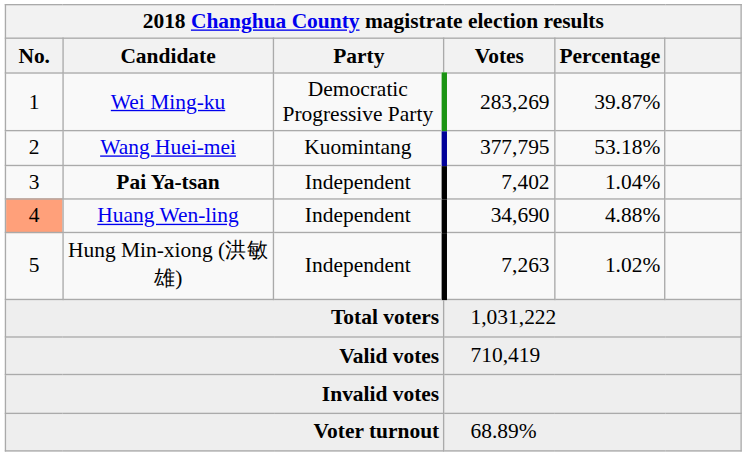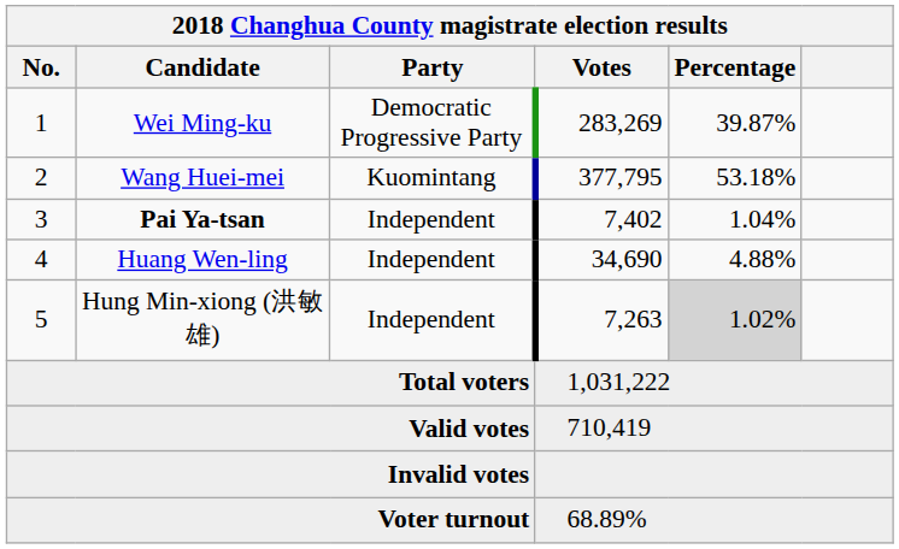 <table class="wikitable collapsible" style="margin:1em auto; text-align:center">
 <tr>
 <th colspan="6">2018 <a href='#'>Changhua County</a> magistrate election results</th>
 </tr>
 <tr>
 <th width=35>No.</th>
 <th width=150>Candidate</th>
 <th width=120>Party</th>
 <th width=75>Votes</th>
 <th width=75>Percentage</th>
 <th width=49></th>
 </tr>
 <tr>
 <td>1</td>
 <td><a href='#'>Wei Ming-ku</a></td>
 <td>Democratic Progressive Party</td>
 <td style="border-left:4px solid #1B9413;" align="right">283,269</td>
 <td align="right">39.87%</td>
 <td align="center"></td>
 </tr>
 <tr>
 <td>2</td>
 <td><a href='#'>Wang Huei-mei</a></td>
 <td> Kuomintang</td>
 <td style="border-left:4px solid #000099;" align="right">377,795</td>
 <td align="right">53.18%</td>
 <td align="center"></td>
 </tr>
 <tr>
 <td>3</td>
 <td><strong>Pai Ya-tsan</strong></td>
 <td> Independent</td>
 <td style="border-left:4px solid #000000;" align="right">7,402</td>
 <td align="right">1.04%</td>
 <td align="center"></td>
 </tr>
 <tr>
-<td style="background: lightsalmon;">4</td>
+<td>4</td>
 <td><a href='#'>Huang Wen-ling</a></td>
 <td> Independent</td>
 <td style="border-left:4px solid #000000;" align="right">34,690</td>
 <td align="right">4.88%</td>
 <td align="center"></td>
 </tr>
 <tr>
 <td>5</td>
 <td>Hung Min-xiong (洪敏雄)</td>
 <td> Independent</td>
 <td style="border-left:4px solid #000000;" align="right">7,263</td>
-<td align="right">1.02%</td>
+<td align="right" style="background: lightgrey;">1.02%</td>
 <td align="center"></td>
 </tr>
 <tr bgcolor=EEEEEE>
 <td colspan="3" align="right"><strong>Total voters</strong></td>
 <td colspan="3" align="left">　1,031,222</td>
 </tr>
 <tr bgcolor=EEEEEE>
 <td colspan="3" align="right"><strong>Valid votes</strong></td>
 <td colspan="3" align="left">　710,419</td>
 </tr>
 <tr bgcolor=EEEEEE>
 <td colspan="3" align="right"><strong>Invalid votes</strong></td>
 <td colspan="3" align="left">　</td>
 </tr>
 <tr bgcolor=EEEEEE>
 <td colspan="3" align="right"><strong>Voter turnout</strong></td>
 <td colspan="3" align="left">　68.89%</td>
 </tr>
 </table>
